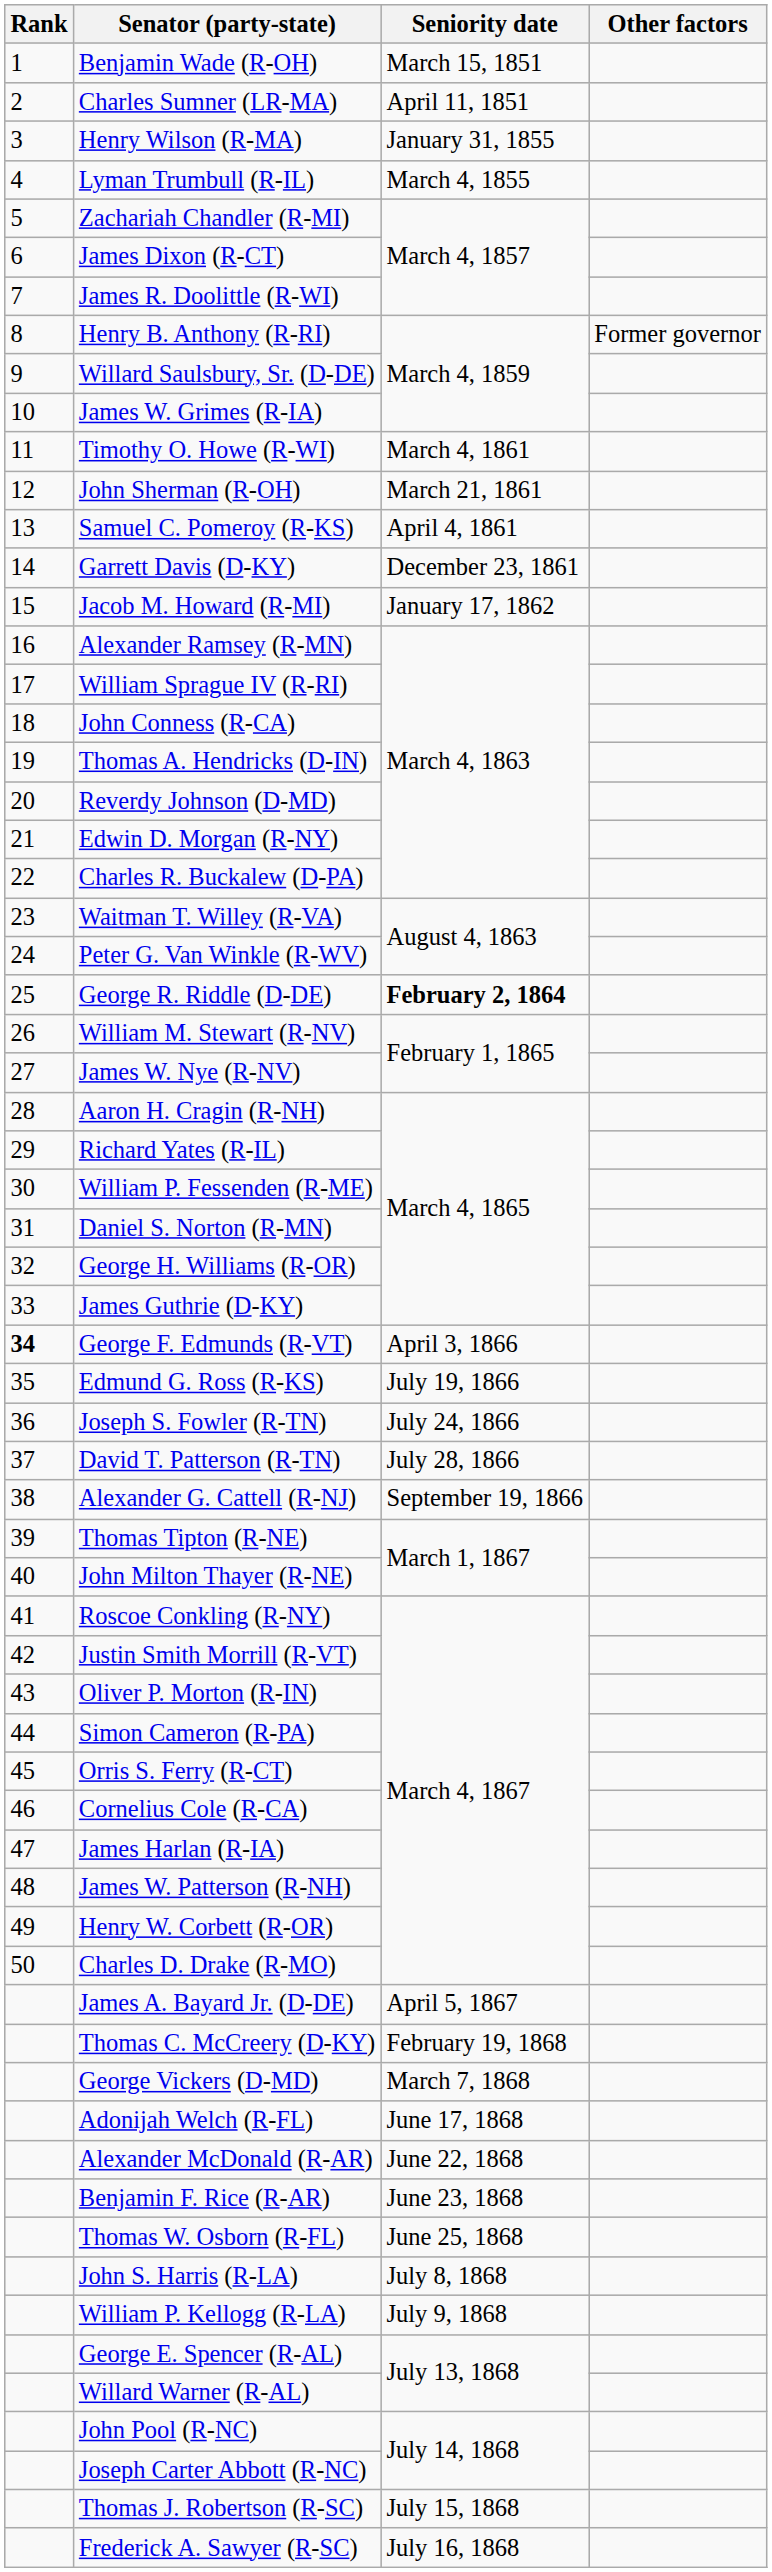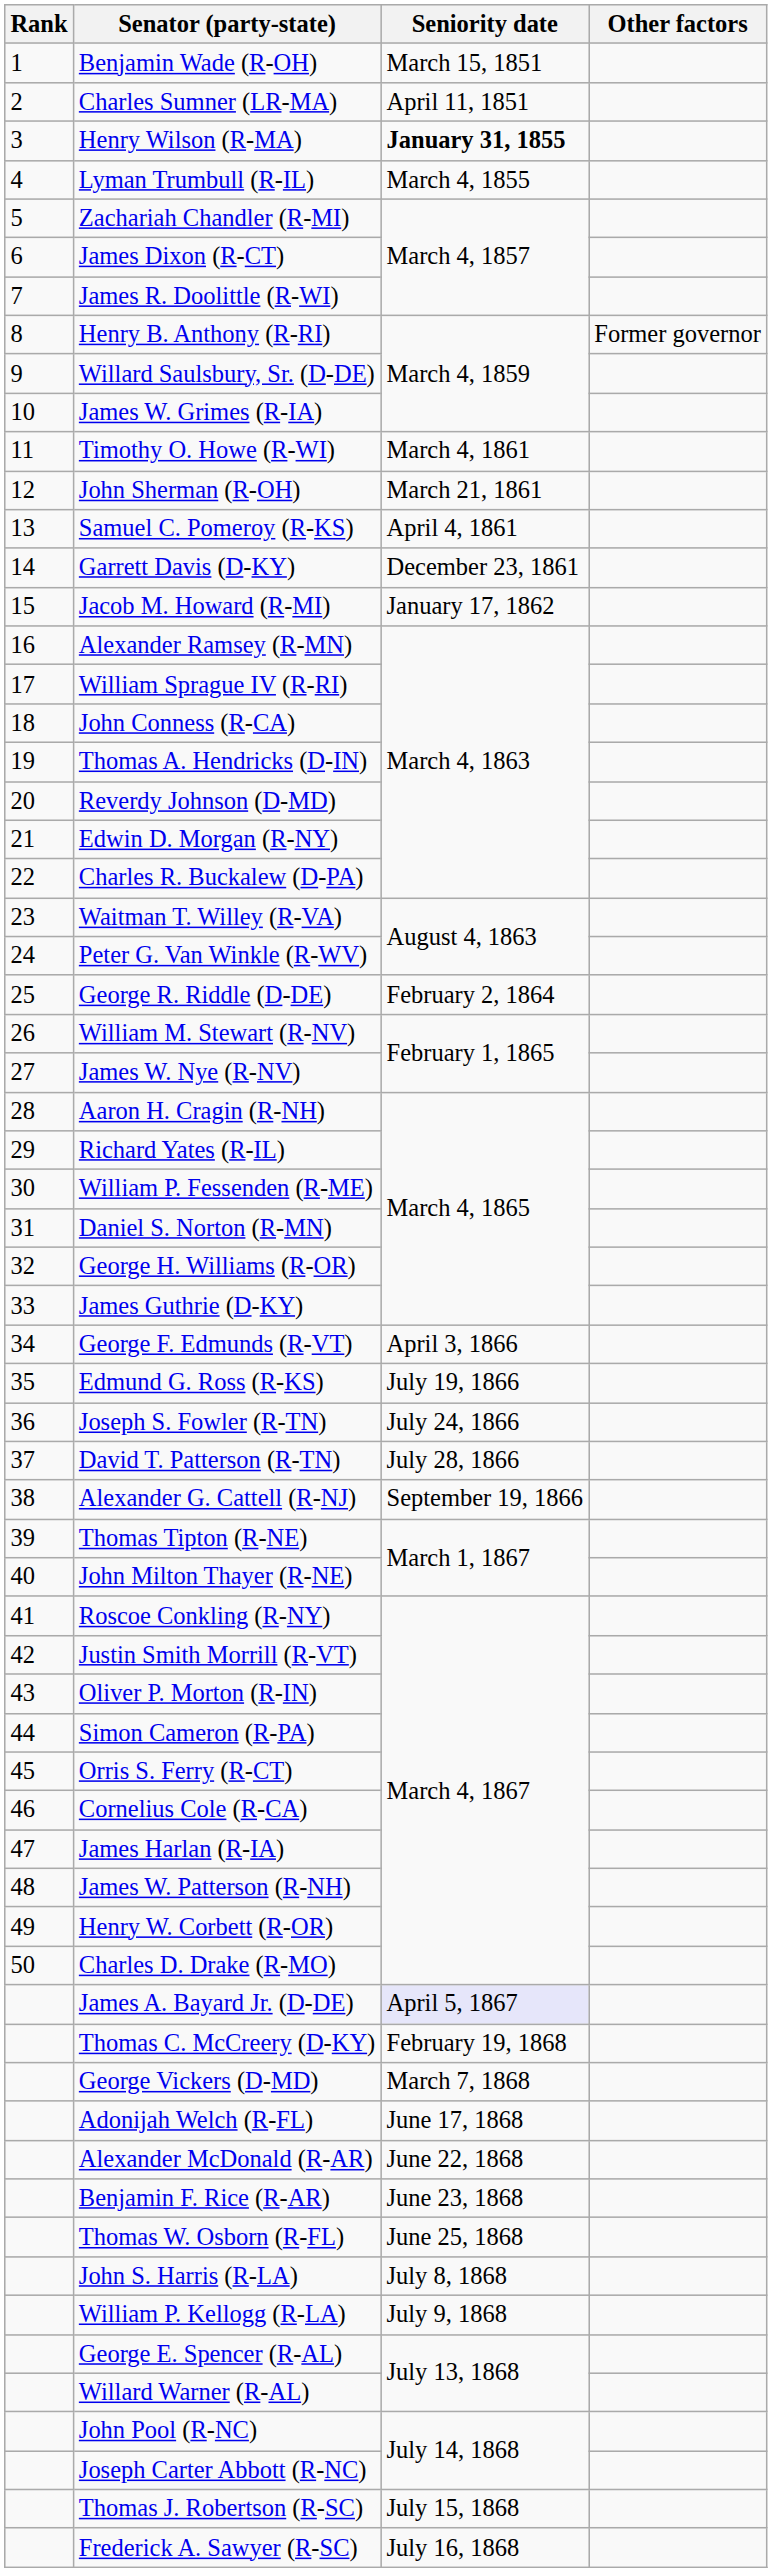 <table class=wikitable>
 <tr>
 <th>Rank</th>
 <th>Senator (party-state)</th>
 <th>Seniority date</th>
 <th>Other factors</th>
 </tr>
 <tr>
 <td>1</td>
 <td><a href='#'>Benjamin Wade</a> (<a href='#'>R</a>-<a href='#'>OH</a>)</td>
 <td>March 15, 1851</td>
 <td></td>
 </tr>
 <tr>
 <td>2</td>
 <td><a href='#'>Charles Sumner</a> (<a href='#'>LR</a>-<a href='#'>MA</a>)</td>
 <td>April 11, 1851</td>
 <td></td>
 </tr>
 <tr>
 <td>3</td>
 <td><a href='#'>Henry Wilson</a> (<a href='#'>R</a>-<a href='#'>MA</a>)</td>
-<td>January 31, 1855</td>
+<td><strong>January 31, 1855</strong></td>
 <td></td>
 </tr>
 <tr>
 <td>4</td>
 <td><a href='#'>Lyman Trumbull</a> (<a href='#'>R</a>-<a href='#'>IL</a>)</td>
 <td>March 4, 1855</td>
 <td></td>
 </tr>
 <tr>
 <td>5</td>
 <td><a href='#'>Zachariah Chandler</a> (<a href='#'>R</a>-<a href='#'>MI</a>)</td>
 <td rowspan=3>March 4, 1857</td>
 <td></td>
 </tr>
 <tr>
 <td>6</td>
 <td><a href='#'>James Dixon</a> (<a href='#'>R</a>-<a href='#'>CT</a>)</td>
 <td></td>
 </tr>
 <tr>
 <td>7</td>
 <td><a href='#'>James R. Doolittle</a> (<a href='#'>R</a>-<a href='#'>WI</a>)</td>
 <td></td>
 </tr>
 <tr>
 <td>8</td>
 <td><a href='#'>Henry B. Anthony</a> (<a href='#'>R</a>-<a href='#'>RI</a>)</td>
 <td rowspan=3>March 4, 1859</td>
 <td>Former governor</td>
 </tr>
 <tr>
 <td>9</td>
 <td><a href='#'>Willard Saulsbury, Sr.</a> (<a href='#'>D</a>-<a href='#'>DE</a>)</td>
 <td></td>
 </tr>
 <tr>
 <td>10</td>
 <td><a href='#'>James W. Grimes</a> (<a href='#'>R</a>-<a href='#'>IA</a>)</td>
 <td></td>
 </tr>
 <tr>
 <td>11</td>
 <td><a href='#'>Timothy O. Howe</a> (<a href='#'>R</a>-<a href='#'>WI</a>)</td>
 <td>March 4, 1861</td>
 <td></td>
 </tr>
 <tr>
 <td>12</td>
 <td><a href='#'>John Sherman</a> (<a href='#'>R</a>-<a href='#'>OH</a>)</td>
 <td>March 21, 1861</td>
 <td></td>
 </tr>
 <tr>
 <td>13</td>
 <td><a href='#'>Samuel C. Pomeroy</a> (<a href='#'>R</a>-<a href='#'>KS</a>)</td>
 <td>April 4, 1861</td>
 <td></td>
 </tr>
 <tr>
 <td>14</td>
 <td><a href='#'>Garrett Davis</a> (<a href='#'>D</a>-<a href='#'>KY</a>)</td>
 <td>December 23, 1861</td>
 <td></td>
 </tr>
 <tr>
 <td>15</td>
 <td><a href='#'>Jacob M. Howard</a> (<a href='#'>R</a>-<a href='#'>MI</a>)</td>
 <td>January 17, 1862</td>
 <td></td>
 </tr>
 <tr>
 <td>16</td>
 <td><a href='#'>Alexander Ramsey</a> (<a href='#'>R</a>-<a href='#'>MN</a>)</td>
 <td rowspan=7>March 4, 1863</td>
 <td></td>
 </tr>
 <tr>
 <td>17</td>
 <td><a href='#'>William Sprague IV</a> (<a href='#'>R</a>-<a href='#'>RI</a>)</td>
 <td></td>
 </tr>
 <tr>
 <td>18</td>
 <td><a href='#'>John Conness</a> (<a href='#'>R</a>-<a href='#'>CA</a>)</td>
 <td></td>
 </tr>
 <tr>
 <td>19</td>
 <td><a href='#'>Thomas A. Hendricks</a> (<a href='#'>D</a>-<a href='#'>IN</a>)</td>
 <td></td>
 </tr>
 <tr>
 <td>20</td>
 <td><a href='#'>Reverdy Johnson</a> (<a href='#'>D</a>-<a href='#'>MD</a>)</td>
 <td></td>
 </tr>
 <tr>
 <td>21</td>
 <td><a href='#'>Edwin D. Morgan</a> (<a href='#'>R</a>-<a href='#'>NY</a>)</td>
 <td></td>
 </tr>
 <tr>
 <td>22</td>
 <td><a href='#'>Charles R. Buckalew</a> (<a href='#'>D</a>-<a href='#'>PA</a>)</td>
 <td></td>
 </tr>
 <tr>
 <td>23</td>
 <td><a href='#'>Waitman T. Willey</a> (<a href='#'>R</a>-<a href='#'>VA</a>)</td>
 <td rowspan=2>August 4, 1863</td>
 <td></td>
 </tr>
 <tr>
 <td>24</td>
 <td><a href='#'>Peter G. Van Winkle</a> (<a href='#'>R</a>-<a href='#'>WV</a>)</td>
 <td></td>
 </tr>
 <tr>
 <td>25</td>
 <td><a href='#'>George R. Riddle</a> (<a href='#'>D</a>-<a href='#'>DE</a>)</td>
-<td><strong>February 2, 1864</strong></td>
+<td>February 2, 1864</td>
 <td></td>
 </tr>
 <tr>
 <td>26</td>
 <td><a href='#'>William M. Stewart</a> (<a href='#'>R</a>-<a href='#'>NV</a>)</td>
 <td rowspan=2>February 1, 1865</td>
 <td></td>
 </tr>
 <tr>
 <td>27</td>
 <td><a href='#'>James W. Nye</a> (<a href='#'>R</a>-<a href='#'>NV</a>)</td>
 <td></td>
 </tr>
 <tr>
 <td>28</td>
 <td><a href='#'>Aaron H. Cragin</a> (<a href='#'>R</a>-<a href='#'>NH</a>)</td>
 <td rowspan=6>March 4, 1865</td>
 <td></td>
 </tr>
 <tr>
 <td>29</td>
 <td><a href='#'>Richard Yates</a> (<a href='#'>R</a>-<a href='#'>IL</a>)</td>
 <td></td>
 </tr>
 <tr>
 <td>30</td>
 <td><a href='#'>William P. Fessenden</a> (<a href='#'>R</a>-<a href='#'>ME</a>)</td>
 <td></td>
 </tr>
 <tr>
 <td>31</td>
 <td><a href='#'>Daniel S. Norton</a> (<a href='#'>R</a>-<a href='#'>MN</a>)</td>
 <td></td>
 </tr>
 <tr>
 <td>32</td>
 <td><a href='#'>George H. Williams</a> (<a href='#'>R</a>-<a href='#'>OR</a>)</td>
 <td></td>
 </tr>
 <tr>
 <td>33</td>
 <td><a href='#'>James Guthrie</a> (<a href='#'>D</a>-<a href='#'>KY</a>)</td>
 <td></td>
 </tr>
 <tr>
-<td><strong>34</strong></td>
+<td>34</td>
 <td><a href='#'>George F. Edmunds</a> (<a href='#'>R</a>-<a href='#'>VT</a>)</td>
 <td>April 3, 1866</td>
 <td></td>
 </tr>
 <tr>
 <td>35</td>
 <td><a href='#'>Edmund G. Ross</a> (<a href='#'>R</a>-<a href='#'>KS</a>)</td>
 <td>July 19, 1866</td>
 <td></td>
 </tr>
 <tr>
 <td>36</td>
 <td><a href='#'>Joseph S. Fowler</a> (<a href='#'>R</a>-<a href='#'>TN</a>)</td>
 <td>July 24, 1866</td>
 <td></td>
 </tr>
 <tr>
 <td>37</td>
 <td><a href='#'>David T. Patterson</a> (<a href='#'>R</a>-<a href='#'>TN</a>)</td>
 <td>July 28, 1866</td>
 <td></td>
 </tr>
 <tr>
 <td>38</td>
 <td><a href='#'>Alexander G. Cattell</a> (<a href='#'>R</a>-<a href='#'>NJ</a>)</td>
 <td>September 19, 1866</td>
 <td></td>
 </tr>
 <tr>
 <td>39</td>
 <td><a href='#'>Thomas Tipton</a> (<a href='#'>R</a>-<a href='#'>NE</a>)</td>
 <td rowspan=2>March 1, 1867</td>
 <td></td>
 </tr>
 <tr>
 <td>40</td>
 <td><a href='#'>John Milton Thayer</a> (<a href='#'>R</a>-<a href='#'>NE</a>)</td>
 <td></td>
 </tr>
 <tr>
 <td>41</td>
 <td><a href='#'>Roscoe Conkling</a> (<a href='#'>R</a>-<a href='#'>NY</a>)</td>
 <td rowspan=10>March 4, 1867</td>
 <td></td>
 </tr>
 <tr>
 <td>42</td>
 <td><a href='#'>Justin Smith Morrill</a> (<a href='#'>R</a>-<a href='#'>VT</a>)</td>
 <td></td>
 </tr>
 <tr>
 <td>43</td>
 <td><a href='#'>Oliver P. Morton</a> (<a href='#'>R</a>-<a href='#'>IN</a>)</td>
 <td></td>
 </tr>
 <tr>
 <td>44</td>
 <td><a href='#'>Simon Cameron</a> (<a href='#'>R</a>-<a href='#'>PA</a>)</td>
 <td></td>
 </tr>
 <tr>
 <td>45</td>
 <td><a href='#'>Orris S. Ferry</a> (<a href='#'>R</a>-<a href='#'>CT</a>)</td>
 <td></td>
 </tr>
 <tr>
 <td>46</td>
 <td><a href='#'>Cornelius Cole</a> (<a href='#'>R</a>-<a href='#'>CA</a>)</td>
 <td></td>
 </tr>
 <tr>
 <td>47</td>
 <td><a href='#'>James Harlan</a> (<a href='#'>R</a>-<a href='#'>IA</a>)</td>
 <td></td>
 </tr>
 <tr>
 <td>48</td>
 <td><a href='#'>James W. Patterson</a> (<a href='#'>R</a>-<a href='#'>NH</a>)</td>
 <td></td>
 </tr>
 <tr>
 <td>49</td>
 <td><a href='#'>Henry W. Corbett</a> (<a href='#'>R</a>-<a href='#'>OR</a>)</td>
 <td></td>
 </tr>
 <tr>
 <td>50</td>
 <td><a href='#'>Charles D. Drake</a> (<a href='#'>R</a>-<a href='#'>MO</a>)</td>
 <td></td>
 </tr>
 <tr>
 <td></td>
 <td><a href='#'>James A. Bayard Jr.</a> (<a href='#'>D</a>-<a href='#'>DE</a>)</td>
-<td>April 5, 1867</td>
+<td style="background: lavender;">April 5, 1867</td>
 <td></td>
 </tr>
 <tr>
 <td></td>
 <td><a href='#'>Thomas C. McCreery</a> (<a href='#'>D</a>-<a href='#'>KY</a>)</td>
 <td>February 19, 1868</td>
 <td></td>
 </tr>
 <tr>
 <td></td>
 <td><a href='#'>George Vickers</a> (<a href='#'>D</a>-<a href='#'>MD</a>)</td>
 <td>March 7, 1868</td>
 <td></td>
 </tr>
 <tr>
 <td></td>
 <td><a href='#'>Adonijah Welch</a> (<a href='#'>R</a>-<a href='#'>FL</a>)</td>
 <td>June 17, 1868</td>
 <td></td>
 </tr>
 <tr>
 <td></td>
 <td><a href='#'>Alexander McDonald</a> (<a href='#'>R</a>-<a href='#'>AR</a>)</td>
 <td>June 22, 1868</td>
 <td></td>
 </tr>
 <tr>
 <td></td>
 <td><a href='#'>Benjamin F. Rice</a> (<a href='#'>R</a>-<a href='#'>AR</a>)</td>
 <td>June 23, 1868</td>
 <td></td>
 </tr>
 <tr>
 <td></td>
 <td><a href='#'>Thomas W. Osborn</a> (<a href='#'>R</a>-<a href='#'>FL</a>)</td>
 <td>June 25, 1868</td>
 <td></td>
 </tr>
 <tr>
 <td></td>
 <td><a href='#'>John S. Harris</a> (<a href='#'>R</a>-<a href='#'>LA</a>)</td>
 <td>July 8, 1868</td>
 <td></td>
 </tr>
 <tr>
 <td></td>
 <td><a href='#'>William P. Kellogg</a> (<a href='#'>R</a>-<a href='#'>LA</a>)</td>
 <td>July 9, 1868</td>
 <td></td>
 </tr>
 <tr>
 <td></td>
 <td><a href='#'>George E. Spencer</a> (<a href='#'>R</a>-<a href='#'>AL</a>)</td>
 <td rowspan=2>July 13, 1868</td>
 <td></td>
 </tr>
 <tr>
 <td></td>
 <td><a href='#'>Willard Warner</a> (<a href='#'>R</a>-<a href='#'>AL</a>)</td>
 <td></td>
 </tr>
 <tr>
 <td></td>
 <td><a href='#'>John Pool</a> (<a href='#'>R</a>-<a href='#'>NC</a>)</td>
 <td rowspan=2>July 14, 1868</td>
 <td></td>
 </tr>
 <tr>
 <td></td>
 <td><a href='#'>Joseph Carter Abbott</a> (<a href='#'>R</a>-<a href='#'>NC</a>)</td>
 <td></td>
 </tr>
 <tr>
 <td></td>
 <td><a href='#'>Thomas J. Robertson</a> (<a href='#'>R</a>-<a href='#'>SC</a>)</td>
 <td>July 15, 1868</td>
 <td></td>
 </tr>
 <tr>
 <td></td>
 <td><a href='#'>Frederick A. Sawyer</a> (<a href='#'>R</a>-<a href='#'>SC</a>)</td>
 <td>July 16, 1868</td>
 <td></td>
 </tr>
 <tr>
 </tr>
 </table>
